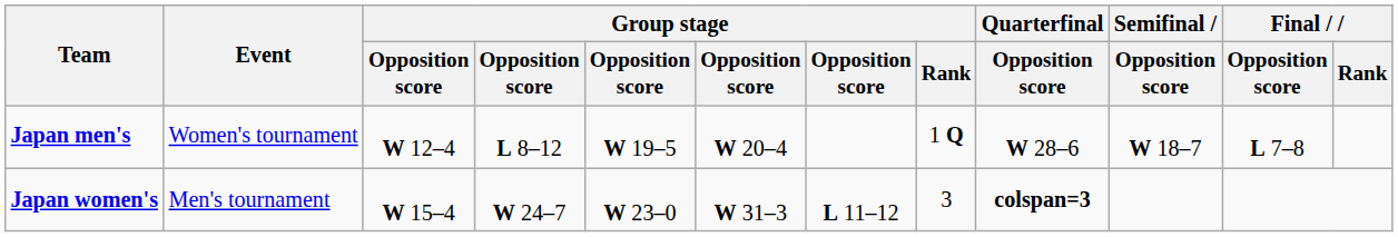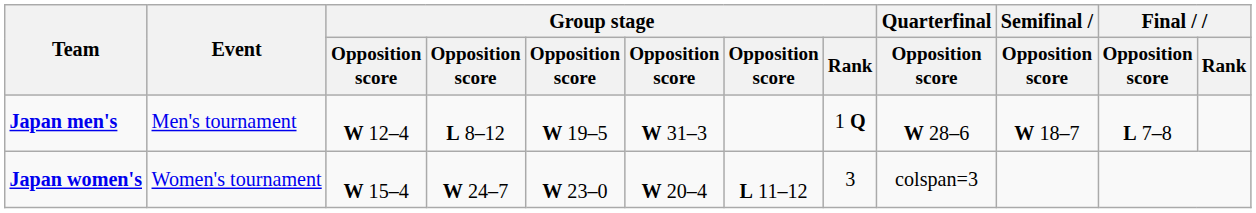 <table class=wikitable style=font-size:85%;text-align:center>
 <tr>
 <th rowspan=2>Team</th>
 <th rowspan=2>Event</th>
 <th colspan=6>Group stage</th>
 <th>Quarterfinal</th>
 <th>Semifinal / </th>
 <th colspan=2>Final /  / </th>
 </tr>
 <tr style="font-size:95%">
 <th>Opposition<br> score</th>
 <th>Opposition<br> score</th>
 <th>Opposition<br> score</th>
 <th>Opposition<br> score</th>
 <th>Opposition<br> score</th>
 <th>Rank</th>
 <th>Opposition<br> score</th>
 <th>Opposition<br> score</th>
 <th>Opposition<br> score</th>
 <th>Rank</th>
 </tr>
 <tr>
 <td style="text-align:left"><strong><a href='#'>Japan men's</a></strong></td>
-<td style="text-align:left"><a href='#'>Women's tournament</a></td>
+<td style="text-align:left"><a href='#'>Men's tournament</a></td>
 <td><br><strong>W</strong> 12–4</td>
 <td><br><strong>L</strong> 8–12</td>
 <td><br><strong>W</strong> 19–5</td>
-<td><br><strong>W</strong> 20–4</td>
+<td><br><strong>W</strong> 31–3</td>
 <td></td>
 <td>1 <strong>Q</strong></td>
 <td><br><strong>W</strong> 28–6</td>
 <td><br><strong>W</strong> 18–7</td>
 <td><br><strong>L</strong> 7–8</td>
 <td></td>
 </tr>
 <tr>
 <td style="text-align:left"><strong><a href='#'>Japan women's</a></strong></td>
-<td style="text-align:left"><a href='#'>Men's tournament</a></td>
+<td style="text-align:left"><a href='#'>Women's tournament</a></td>
 <td><br><strong>W</strong> 15–4</td>
 <td><br><strong>W</strong> 24–7</td>
 <td><br><strong>W</strong> 23–0</td>
-<td><br><strong>W</strong> 31–3</td>
+<td><br><strong>W</strong> 20–4</td>
 <td><br><strong>L</strong> 11–12</td>
 <td>3</td>
-<td><strong>colspan=3 </strong></td>
+<td>colspan=3 </td>
 <td></td>
 </tr>
 </table>
